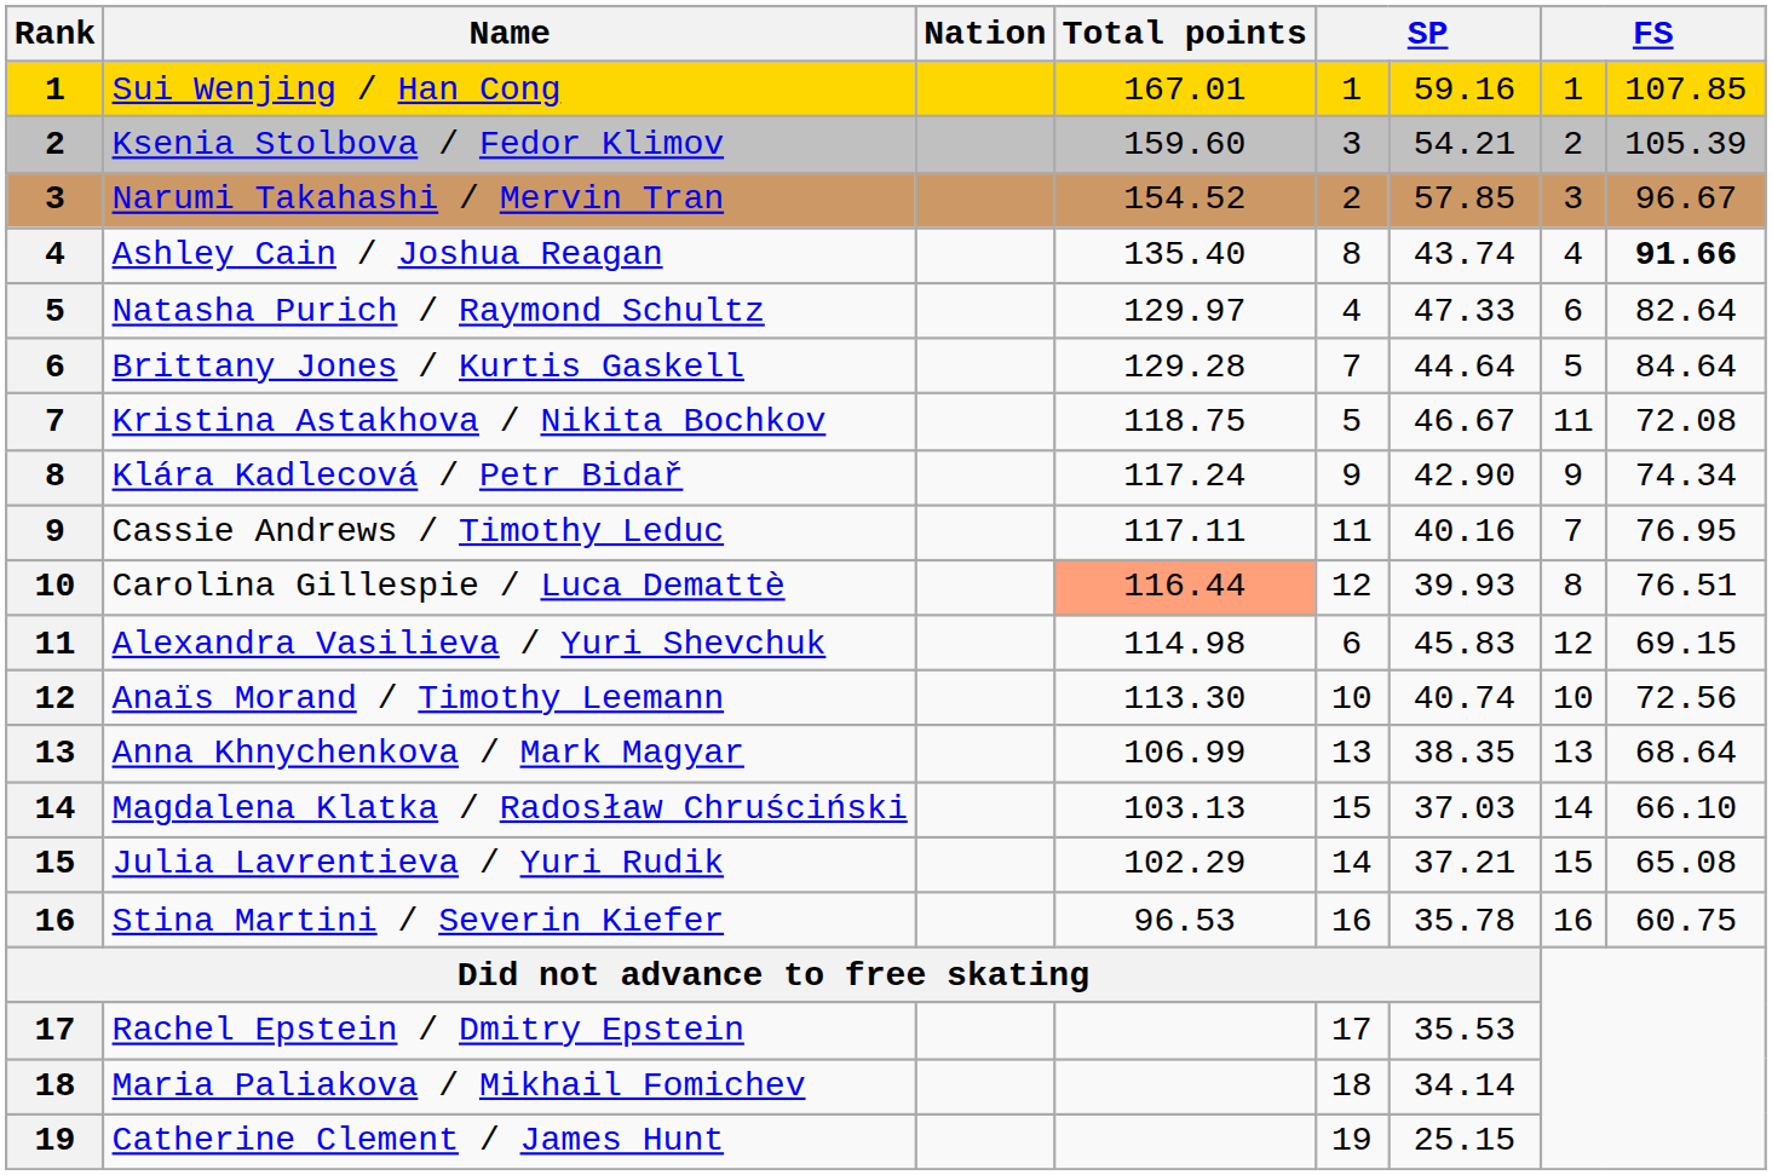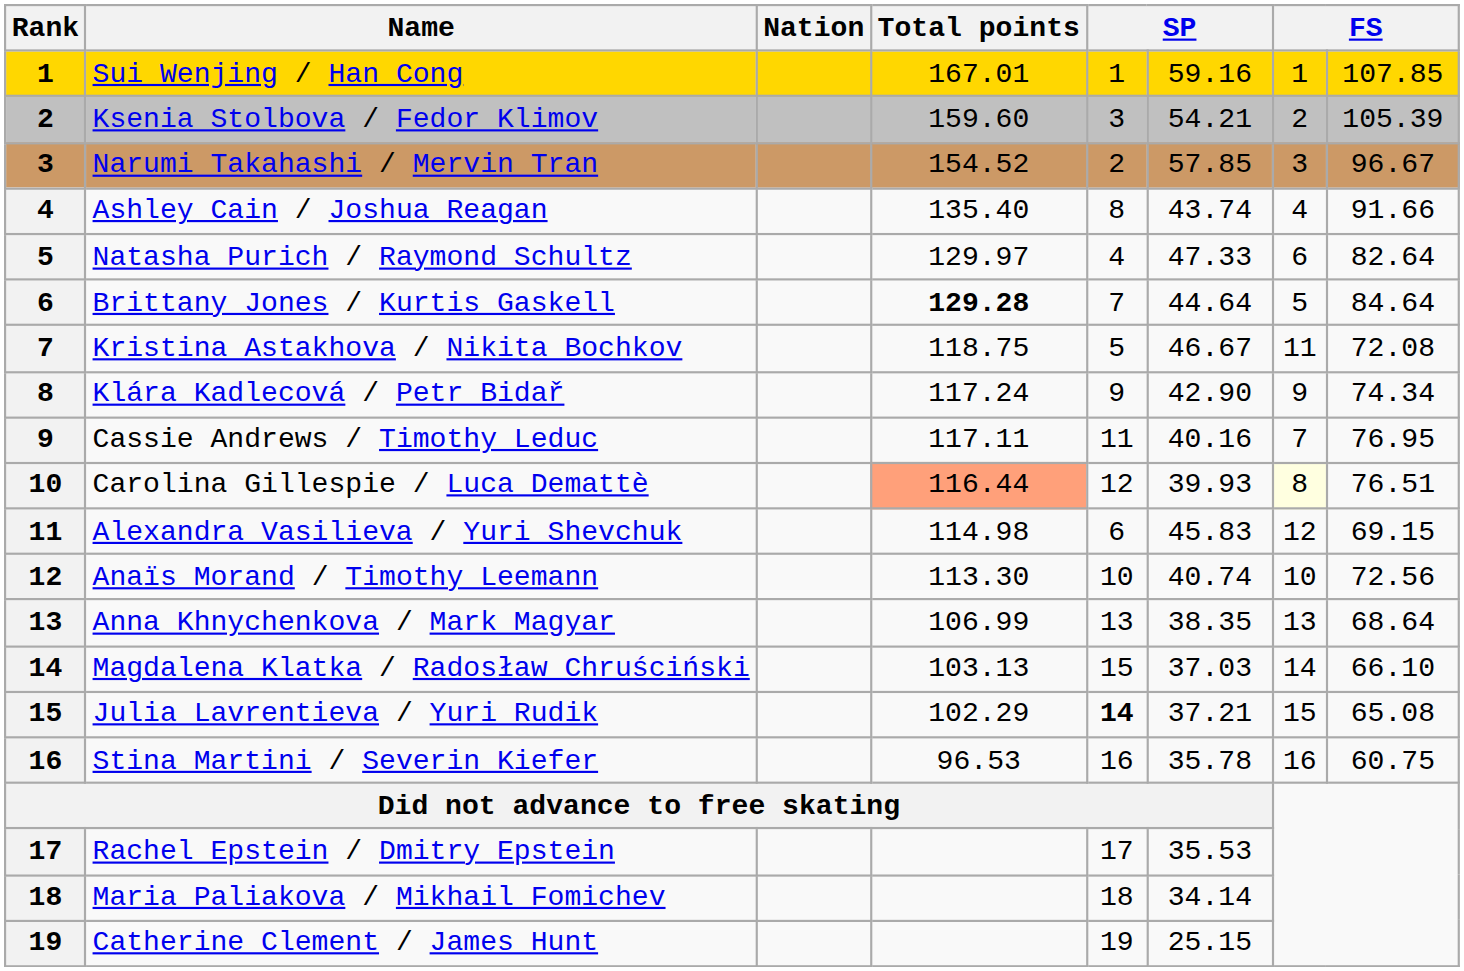 <table class="wikitable">
 <tr>
 <th>Rank</th>
 <th>Name</th>
 <th>Nation</th>
 <th>Total points</th>
 <th colspan="2" width="80px"><a href='#'>SP</a></th>
 <th colspan="2" width="80px"><a href='#'>FS</a></th>
 </tr>
 <tr bgcolor="gold">
 <td align="center"><strong>1</strong></td>
 <td><a href='#'>Sui Wenjing</a> / <a href='#'>Han Cong</a></td>
 <td></td>
 <td align="center">167.01</td>
 <td align="center">1</td>
 <td align="center">59.16</td>
 <td align="center">1</td>
 <td align="center">107.85</td>
 </tr>
 <tr bgcolor="silver">
 <td align="center"><strong>2</strong></td>
 <td><a href='#'>Ksenia Stolbova</a> / <a href='#'>Fedor Klimov</a></td>
 <td></td>
 <td align="center">159.60</td>
 <td align="center">3</td>
 <td align="center">54.21</td>
 <td align="center">2</td>
 <td align="center">105.39</td>
 </tr>
 <tr bgcolor="cc9966">
 <td align="center"><strong>3</strong></td>
 <td><a href='#'>Narumi Takahashi</a> / <a href='#'>Mervin Tran</a></td>
 <td></td>
 <td align="center">154.52</td>
 <td align="center">2</td>
 <td align="center">57.85</td>
 <td align="center">3</td>
 <td align="center">96.67</td>
 </tr>
 <tr>
 <th>4</th>
 <td><a href='#'>Ashley Cain</a> / <a href='#'>Joshua Reagan</a></td>
 <td></td>
 <td align="center">135.40</td>
 <td align="center">8</td>
 <td align="center">43.74</td>
 <td align="center">4</td>
-<td align="center"><strong>91.66</strong></td>
+<td align="center">91.66</td>
 </tr>
 <tr>
 <th>5</th>
 <td><a href='#'>Natasha Purich</a> / <a href='#'>Raymond Schultz</a></td>
 <td></td>
 <td align="center">129.97</td>
 <td align="center">4</td>
 <td align="center">47.33</td>
 <td align="center">6</td>
 <td align="center">82.64</td>
 </tr>
 <tr>
 <th>6</th>
 <td><a href='#'>Brittany Jones</a> / <a href='#'>Kurtis Gaskell</a></td>
 <td></td>
-<td align="center">129.28</td>
+<td align="center"><strong>129.28</strong></td>
 <td align="center">7</td>
 <td align="center">44.64</td>
 <td align="center">5</td>
 <td align="center">84.64</td>
 </tr>
 <tr>
 <th>7</th>
 <td><a href='#'>Kristina Astakhova</a> / <a href='#'>Nikita Bochkov</a></td>
 <td></td>
 <td align="center">118.75</td>
 <td align="center">5</td>
 <td align="center">46.67</td>
 <td align="center">11</td>
 <td align="center">72.08</td>
 </tr>
 <tr>
 <th>8</th>
 <td><a href='#'>Klára Kadlecová</a> / <a href='#'>Petr Bidař</a></td>
 <td></td>
 <td align="center">117.24</td>
 <td align="center">9</td>
 <td align="center">42.90</td>
 <td align="center">9</td>
 <td align="center">74.34</td>
 </tr>
 <tr>
 <th>9</th>
 <td>Cassie Andrews / <a href='#'>Timothy Leduc</a></td>
 <td></td>
 <td align="center">117.11</td>
 <td align="center">11</td>
 <td align="center">40.16</td>
 <td align="center">7</td>
 <td align="center">76.95</td>
 </tr>
 <tr>
 <th>10</th>
 <td>Carolina Gillespie / <a href='#'>Luca Demattè</a></td>
 <td></td>
 <td align="center" style="background: lightsalmon;">116.44</td>
 <td align="center">12</td>
 <td align="center">39.93</td>
-<td align="center">8</td>
+<td align="center" style="background: lightyellow;">8</td>
 <td align="center">76.51</td>
 </tr>
 <tr>
 <th>11</th>
 <td><a href='#'>Alexandra Vasilieva</a> / <a href='#'>Yuri Shevchuk</a></td>
 <td></td>
 <td align="center">114.98</td>
 <td align="center">6</td>
 <td align="center">45.83</td>
 <td align="center">12</td>
 <td align="center">69.15</td>
 </tr>
 <tr>
 <th>12</th>
 <td><a href='#'>Anaïs Morand</a> / <a href='#'>Timothy Leemann</a></td>
 <td></td>
 <td align="center">113.30</td>
 <td align="center">10</td>
 <td align="center">40.74</td>
 <td align="center">10</td>
 <td align="center">72.56</td>
 </tr>
 <tr>
 <th>13</th>
 <td><a href='#'>Anna Khnychenkova</a> / <a href='#'>Mark Magyar</a></td>
 <td></td>
 <td align="center">106.99</td>
 <td align="center">13</td>
 <td align="center">38.35</td>
 <td align="center">13</td>
 <td align="center">68.64</td>
 </tr>
 <tr>
 <th>14</th>
 <td><a href='#'>Magdalena Klatka</a> / <a href='#'>Radosław Chruściński</a></td>
 <td></td>
 <td align="center">103.13</td>
 <td align="center">15</td>
 <td align="center">37.03</td>
 <td align="center">14</td>
 <td align="center">66.10</td>
 </tr>
 <tr>
 <th>15</th>
 <td><a href='#'>Julia Lavrentieva</a> / <a href='#'>Yuri Rudik</a></td>
 <td></td>
 <td align="center">102.29</td>
-<td align="center">14</td>
+<td align="center"><strong>14</strong></td>
 <td align="center">37.21</td>
 <td align="center">15</td>
 <td align="center">65.08</td>
 </tr>
 <tr>
 <th>16</th>
 <td><a href='#'>Stina Martini</a> / <a href='#'>Severin Kiefer</a></td>
 <td></td>
 <td align="center">96.53</td>
 <td align="center">16</td>
 <td align="center">35.78</td>
 <td align="center">16</td>
 <td align="center">60.75</td>
 </tr>
 <tr>
 <th colspan=6>Did not advance to free skating</th>
 </tr>
 <tr>
 <th>17</th>
 <td><a href='#'>Rachel Epstein</a> / <a href='#'>Dmitry Epstein</a></td>
 <td></td>
 <td align="center"></td>
 <td align="center">17</td>
 <td align="center">35.53</td>
 </tr>
 <tr>
 <th>18</th>
 <td><a href='#'>Maria Paliakova</a> / <a href='#'>Mikhail Fomichev</a></td>
 <td></td>
 <td align="center"></td>
 <td align="center">18</td>
 <td align="center">34.14</td>
 </tr>
 <tr>
 <th>19</th>
 <td><a href='#'>Catherine Clement</a> / <a href='#'>James Hunt</a></td>
 <td></td>
 <td align="center"></td>
 <td align="center">19</td>
 <td align="center">25.15</td>
 </tr>
 </table>
